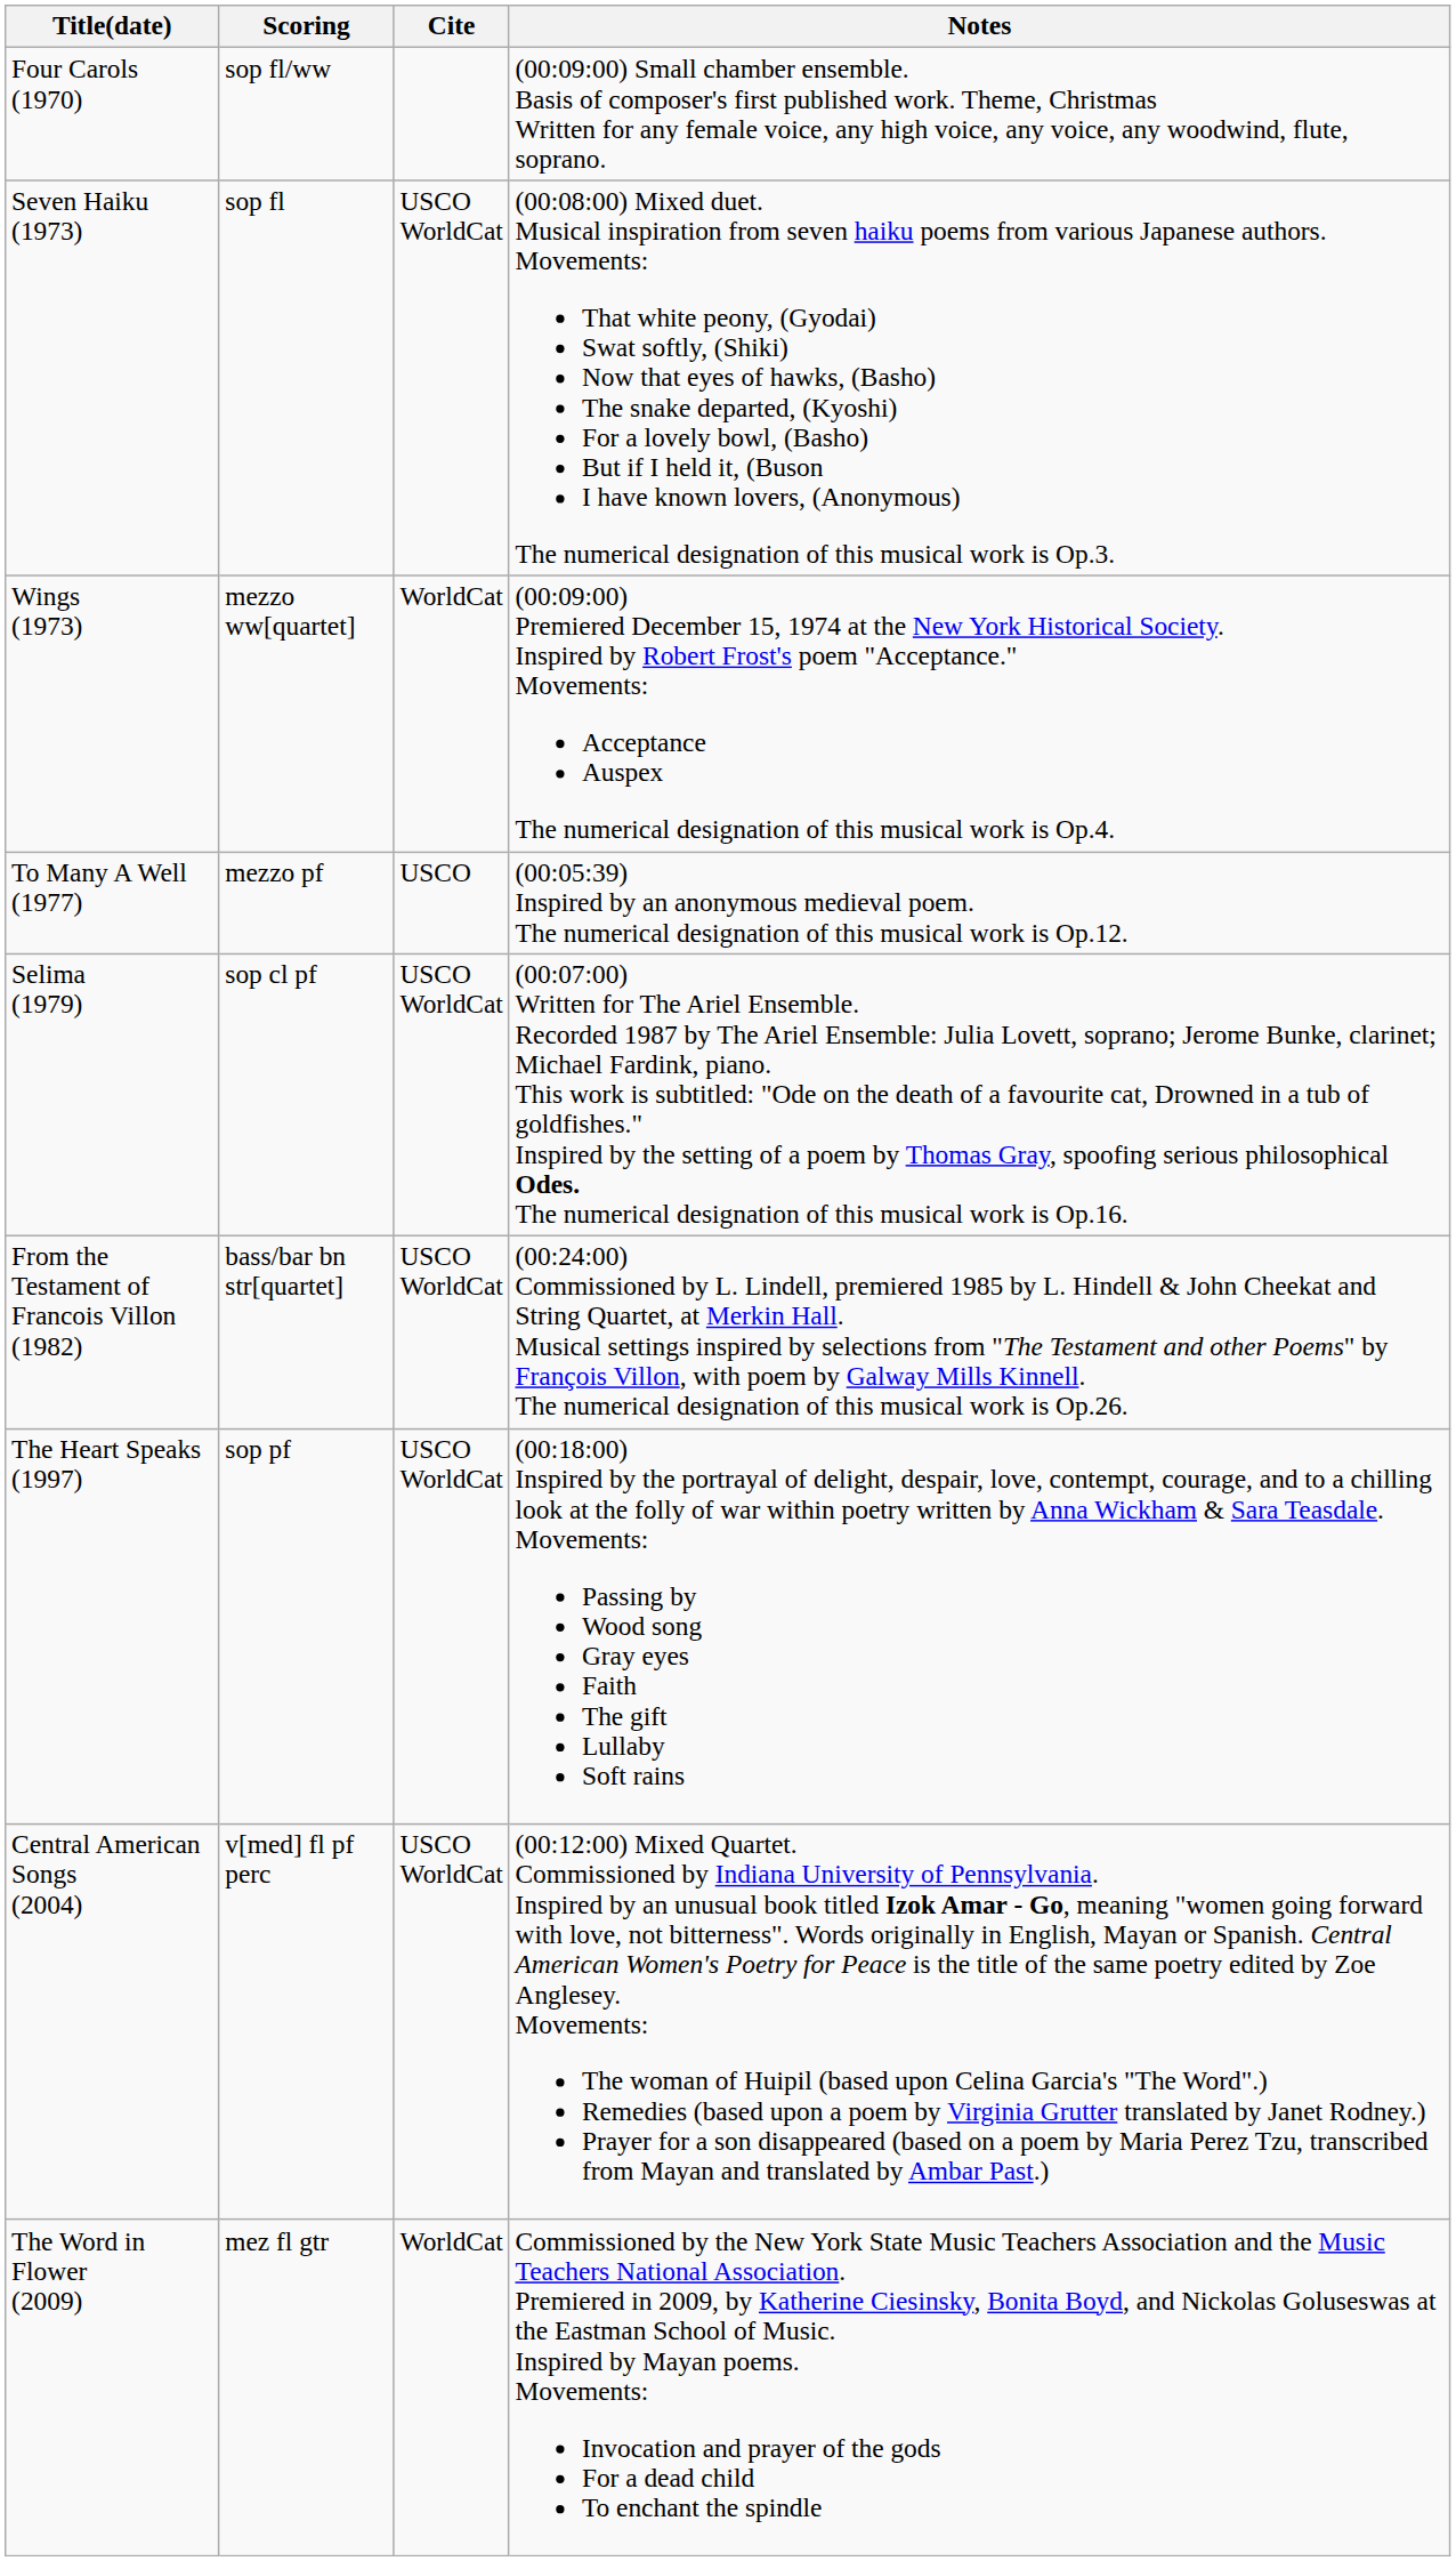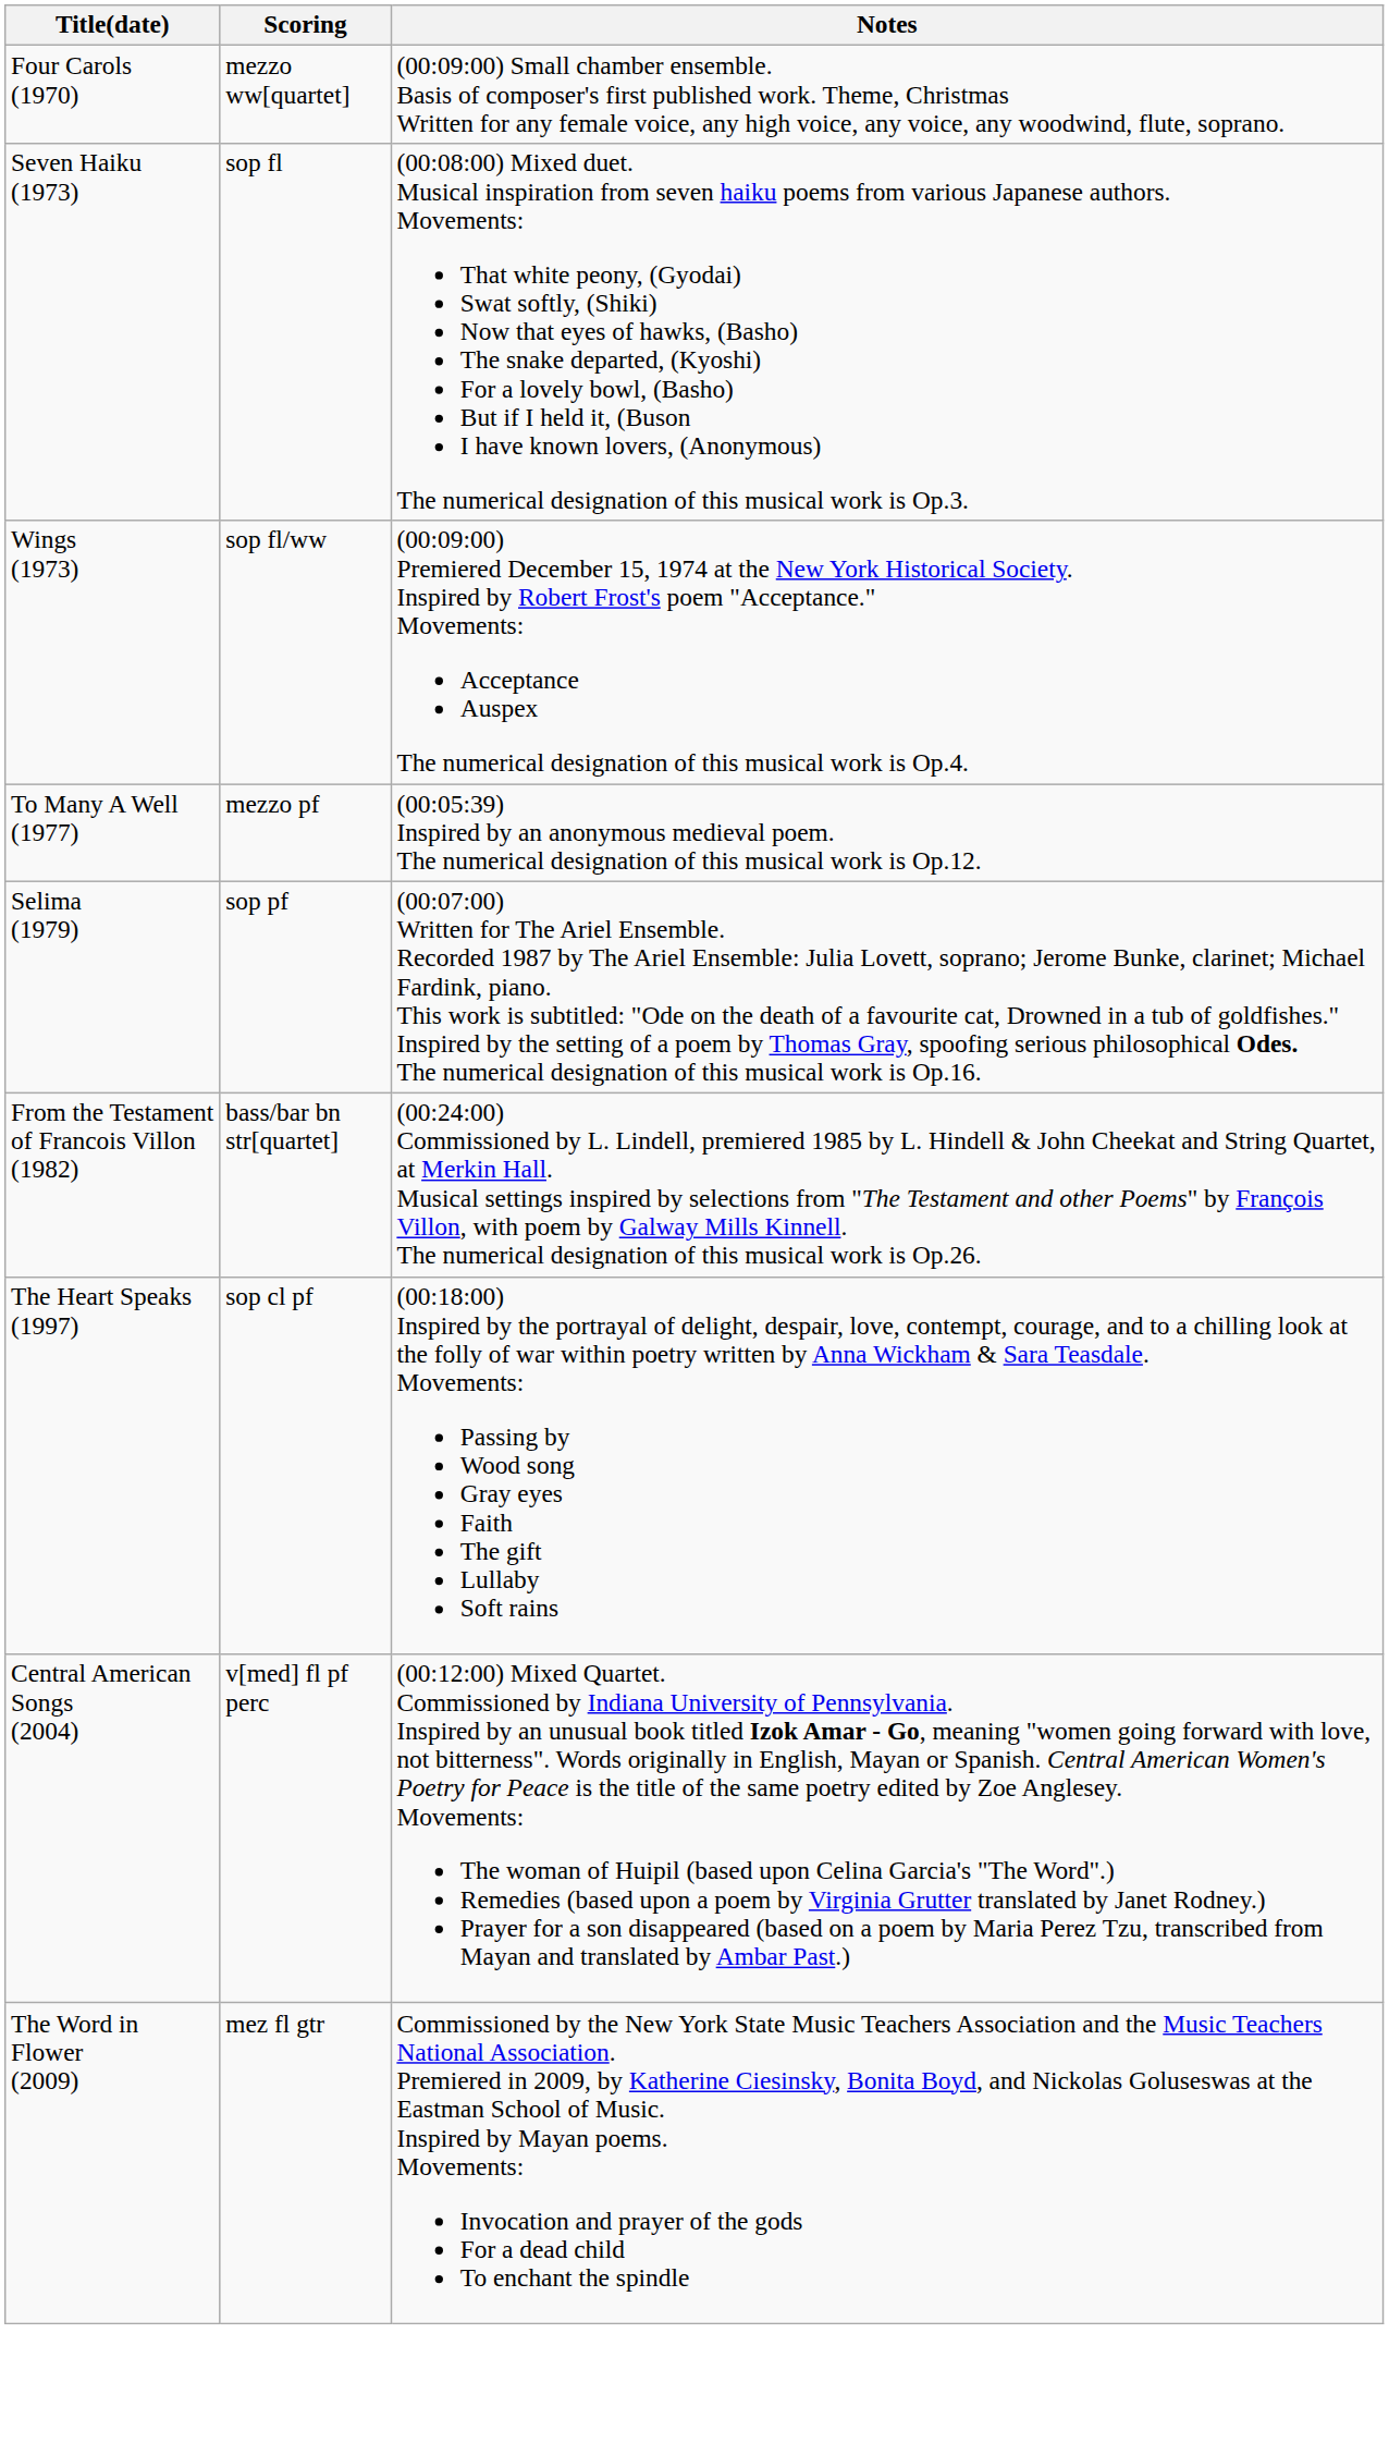 <table class="sortable wikitable" style="margins:auto; width=95%;">
 <tr>
 <th width="">Title(date)</th>
 <th width="">Scoring</th>
-<th width="">Cite</th>
 <th width="">Notes</th>
 </tr>
 <tr valign="top">
 <td>Four Carols<br>(1970)</td>
-<td>sop fl/ww</td>
-<td></td>
+<td>mezzo ww[quartet]</td>
 <td>(00:09:00) Small chamber ensemble.<br>Basis of composer's first published work. Theme, Christmas<br>Written for any female voice, any high voice, any voice, any woodwind, flute, soprano.</td>
 </tr>
 <tr valign="top">
 <td>Seven Haiku<br>(1973)</td>
 <td>sop fl</td>
-<td>USCO<br>WorldCat</td>
 <td>(00:08:00) Mixed duet.<br>Musical inspiration from seven <a href='#'>haiku</a> poems from various Japanese authors.<br>Movements:<ul><li>That white peony, (Gyodai)</li><li>Swat softly, (Shiki)</li><li>Now that eyes of hawks, (Basho)</li><li>The snake departed, (Kyoshi)</li><li>For a lovely bowl, (Basho)</li><li>But if I held it, (Buson</li><li>I have known lovers, (Anonymous)</li></ul>The numerical designation of this musical work is Op.3.</td>
 </tr>
 <tr valign="top">
 <td>Wings<br>(1973)</td>
-<td>mezzo ww[quartet]</td>
-<td>WorldCat</td>
+<td>sop fl/ww</td>
 <td>(00:09:00)<br>Premiered December 15, 1974 at the <a href='#'>New York Historical Society</a>.<br>Inspired by <a href='#'>Robert Frost's</a> poem "Acceptance."<br>Movements:<ul><li>Acceptance</li><li>Auspex</li></ul>The numerical designation of this musical work is Op.4.</td>
 </tr>
 <tr valign="top">
 <td>To Many A Well<br>(1977)</td>
 <td>mezzo pf</td>
-<td>USCO</td>
 <td>(00:05:39)<br>Inspired by an anonymous medieval poem.<br>The numerical designation of this musical work is Op.12.</td>
 </tr>
 <tr valign="top">
 <td>Selima<br>(1979)</td>
-<td>sop cl pf</td>
-<td>USCO<br>WorldCat</td>
+<td>sop pf</td>
 <td>(00:07:00)<br>Written for The Ariel Ensemble.<br>Recorded 1987 by The Ariel Ensemble: Julia Lovett, soprano; Jerome Bunke, clarinet; Michael Fardink, piano.<br>This work is subtitled: "Ode on the death of a favourite cat, Drowned in a tub of goldfishes."<br>Inspired by the setting of a poem by <a href='#'>Thomas Gray</a>, spoofing serious philosophical <strong>Odes.</strong><br>The numerical designation of this musical work is Op.16.</td>
 </tr>
 <tr valign="top">
 <td>From the Testament of Francois Villon<br>(1982)</td>
 <td>bass/bar bn str[quartet]</td>
-<td>USCO<br>WorldCat</td>
 <td>(00:24:00)<br>Commissioned by L. Lindell, premiered 1985 by L. Hindell & John Cheekat and String Quartet, at <a href='#'>Merkin Hall</a>.<br>Musical settings inspired by selections from "<em>The Testament and other Poems</em>" by <a href='#'>François Villon</a>, with poem by <a href='#'>Galway Mills Kinnell</a>.<br>The numerical designation of this musical work is Op.26.</td>
 </tr>
 <tr valign="top">
 <td>The Heart Speaks<br>(1997)</td>
-<td>sop pf</td>
-<td>USCO<br>WorldCat</td>
+<td>sop cl pf</td>
 <td>(00:18:00)<br>Inspired by the portrayal of delight, despair, love, contempt, courage, and to a chilling look at the folly of war within poetry written by <a href='#'>Anna Wickham</a> & <a href='#'>Sara Teasdale</a>.<br>Movements:<ul><li>Passing by</li><li>Wood song</li><li>Gray eyes</li><li>Faith</li><li>The gift</li><li>Lullaby</li><li>Soft rains</li></ul></td>
 </tr>
 <tr valign="top">
 <td>Central American Songs<br>(2004)</td>
 <td>v[med] fl pf perc</td>
-<td>USCO<br>WorldCat</td>
 <td>(00:12:00) Mixed Quartet.<br>Commissioned by <a href='#'>Indiana University of Pennsylvania</a>.<br>Inspired by an unusual book titled <strong>Izok Amar - Go</strong>, meaning "women going forward with love, not bitterness". Words originally in English, Mayan or Spanish. <em>Central American Women's Poetry for Peace</em> is the title of the same poetry  edited by Zoe Anglesey.<br>Movements:<ul><li>The woman of Huipil (based upon Celina Garcia's "The Word".)</li><li>Remedies (based upon a poem by <a href='#'>Virginia Grutter</a> translated by Janet Rodney.)</li><li>Prayer for a son disappeared (based on a poem by Maria Perez Tzu, transcribed from Mayan and translated by <a href='#'>Ambar Past</a>.)</li></ul></td>
 </tr>
 <tr valign="top">
 <td>The Word in Flower<br>(2009)</td>
 <td>mez fl gtr</td>
-<td>WorldCat</td>
 <td>Commissioned by the New York State Music Teachers Association and the <a href='#'>Music Teachers National Association</a>.<br>Premiered in 2009, by <a href='#'>Katherine Ciesinsky</a>, <a href='#'>Bonita Boyd</a>, and Nickolas Goluseswas at the Eastman School of Music.<br>Inspired by Mayan poems.<br>Movements:<ul><li>Invocation and prayer of the gods</li><li>For a dead child</li><li>To enchant the spindle</li></ul></td>
 </tr>
 </table>
